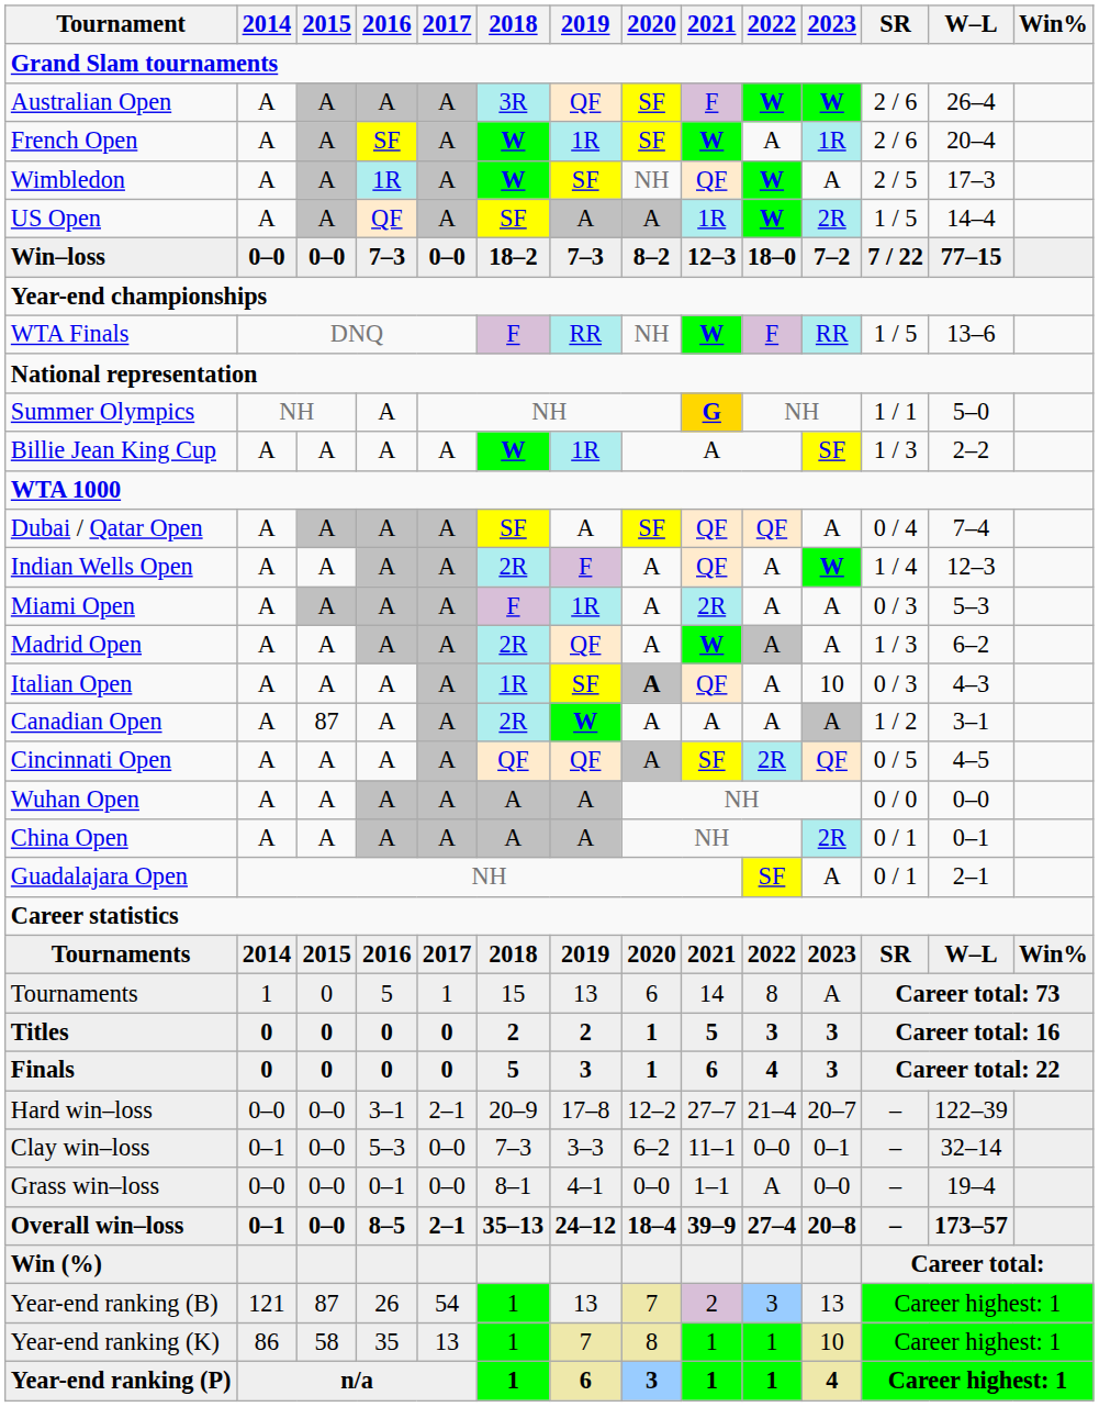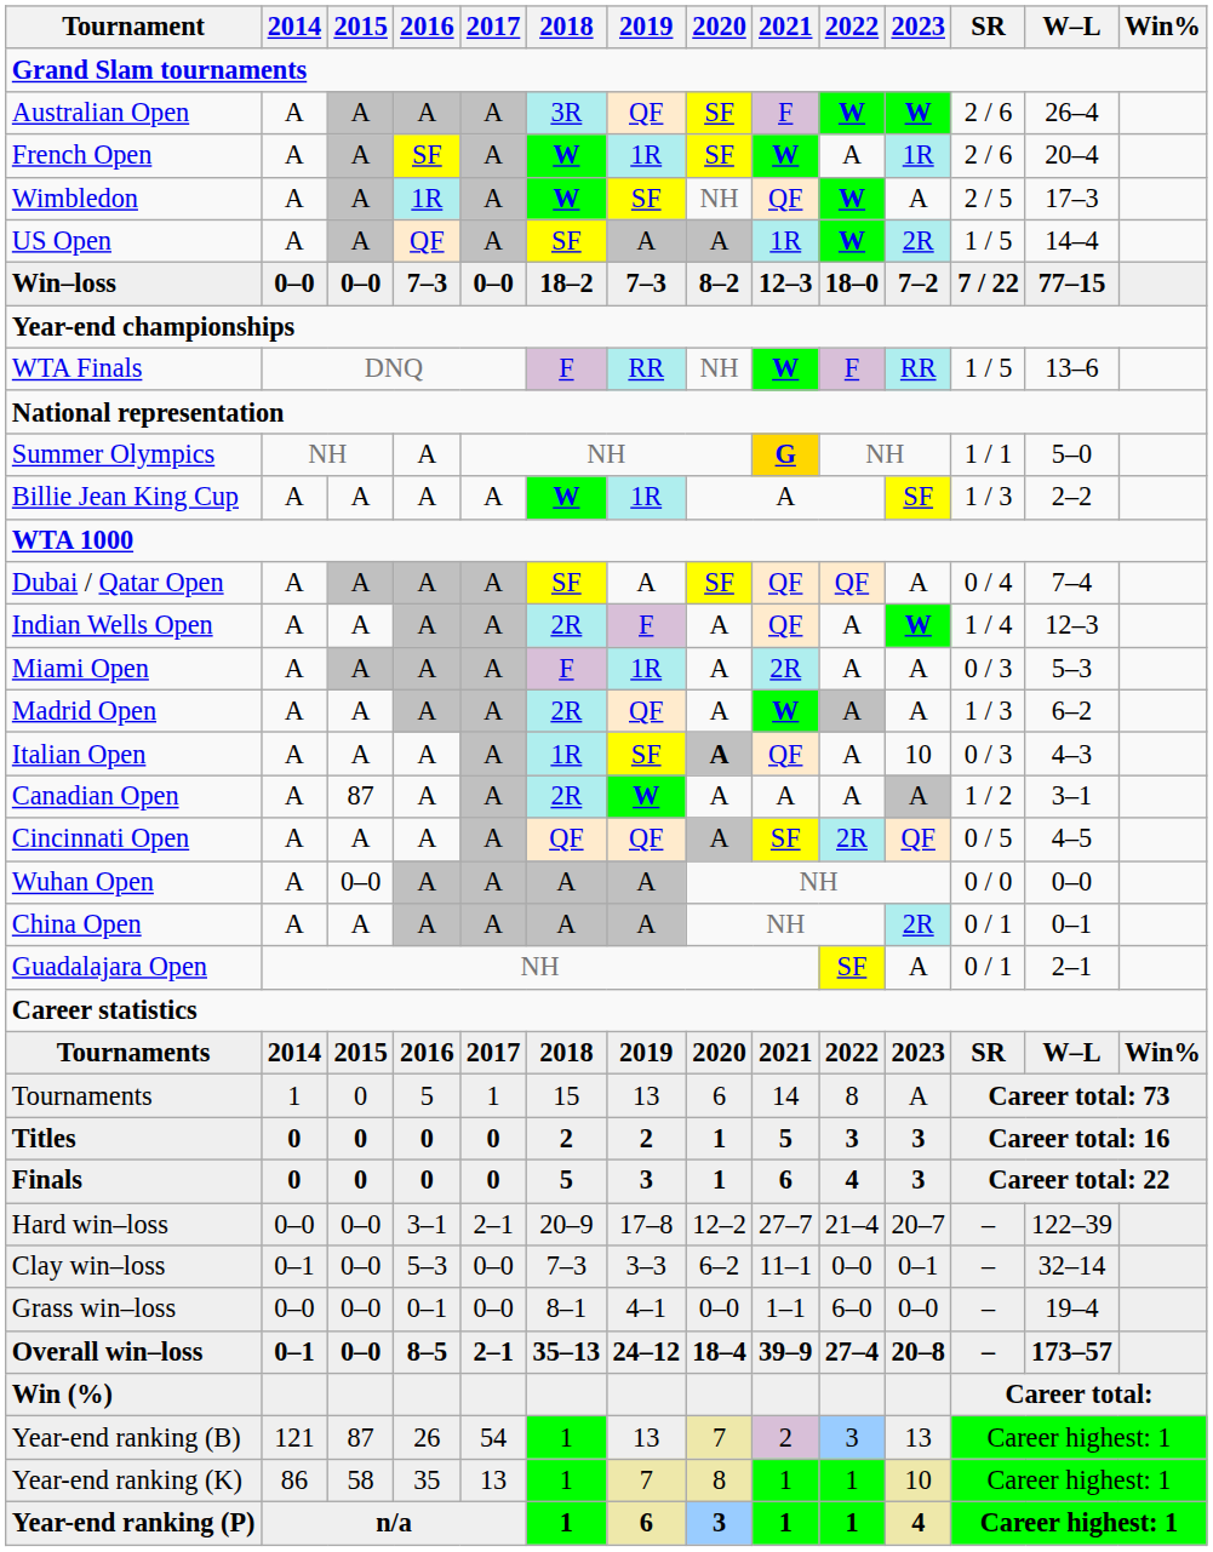 <table class="wikitable nowrap" style="text-align:center;display:inline-table">
 <tr>
 <th>Tournament</th>
 <th><a href='#'>2014</a></th>
 <th><a href='#'>2015</a></th>
 <th><a href='#'>2016</a></th>
 <th><a href='#'>2017</a></th>
 <th><a href='#'>2018</a></th>
 <th><a href='#'>2019</a></th>
 <th><a href='#'>2020</a></th>
 <th><a href='#'>2021</a></th>
 <th><a href='#'>2022</a></th>
 <th><a href='#'>2023</a></th>
 <th>SR</th>
 <th>W–L</th>
 <th>Win%</th>
 </tr>
 <tr>
 <td colspan="14" style="text-align:left"><strong><a href='#'>Grand Slam tournaments</a></strong></td>
 </tr>
 <tr>
 <td style="text-align:left"><a href='#'>Australian Open</a></td>
 <td>A</td>
 <td bgcolor=silver>A</td>
 <td bgcolor=silver>A</td>
 <td bgcolor=silver>A</td>
 <td bgcolor="afeeee"><a href='#'>3R</a></td>
 <td bgcolor="ffebcd"><a href='#'>QF</a></td>
 <td bgcolor="yellow"><a href='#'>SF</a></td>
 <td bgcolor="thistle"><a href='#'>F</a></td>
 <td bgcolor="lime"><a href='#'><strong>W</strong></a></td>
 <td bgcolor="lime"><a href='#'><strong>W</strong></a></td>
 <td>2 / 6</td>
 <td>26–4</td>
 <td></td>
 </tr>
 <tr>
 <td style="text-align:left"><a href='#'>French Open</a></td>
 <td>A</td>
 <td bgcolor=silver>A</td>
 <td bgcolor="yellow"><a href='#'>SF</a></td>
 <td bgcolor=silver>A</td>
 <td bgcolor="lime"><a href='#'><strong>W</strong></a></td>
 <td bgcolor="afeeee"><a href='#'>1R</a></td>
 <td bgcolor="yellow"><a href='#'>SF</a></td>
 <td bgcolor="lime"><strong><a href='#'>W</a></strong></td>
 <td>A</td>
 <td bgcolor="afeeee"><a href='#'>1R</a></td>
 <td>2 / 6</td>
 <td>20–4</td>
 <td></td>
 </tr>
 <tr>
 <td style="text-align:left"><a href='#'>Wimbledon</a></td>
 <td>A</td>
 <td bgcolor=silver>A</td>
 <td bgcolor="afeeee"><a href='#'>1R</a></td>
 <td bgcolor=silver>A</td>
 <td bgcolor="lime"><a href='#'><strong>W</strong></a></td>
 <td bgcolor="yellow"><a href='#'>SF</a></td>
 <td style="color:#767676">NH</td>
 <td bgcolor="ffebcd"><a href='#'>QF</a></td>
 <td bgcolor="lime"><a href='#'><strong>W</strong></a></td>
 <td>A</td>
 <td>2 / 5</td>
 <td>17–3</td>
 <td></td>
 </tr>
 <tr>
 <td style="text-align:left"><a href='#'>US Open</a></td>
 <td>A</td>
 <td bgcolor=silver>A</td>
 <td bgcolor="ffebcd"><a href='#'>QF</a></td>
 <td bgcolor=silver>A</td>
 <td bgcolor="yellow"><a href='#'>SF</a></td>
 <td bgcolor=silver>A</td>
 <td bgcolor=silver>A</td>
 <td bgcolor="afeeee"><a href='#'>1R</a></td>
 <td bgcolor="lime"><a href='#'><strong>W</strong></a></td>
 <td bgcolor="afeeee"><a href='#'>2R</a></td>
 <td>1 / 5</td>
 <td>14–4</td>
 <td></td>
 </tr>
 <tr style="background:#efefef;font-weight:bold">
 <td style="text-align:left">Win–loss</td>
 <td>0–0</td>
 <td>0–0</td>
 <td>7–3</td>
 <td>0–0</td>
 <td>18–2</td>
 <td>7–3</td>
 <td>8–2</td>
 <td>12–3</td>
 <td>18–0</td>
 <td>7–2</td>
 <td>7 / 22</td>
 <td>77–15</td>
 <td></td>
 </tr>
 <tr>
 <td colspan="14" style="text-align:left"><strong>Year-end championships</strong></td>
 </tr>
 <tr>
 <td style="text-align:left"><a href='#'>WTA Finals</a></td>
 <td colspan="4" style="color:#767676">DNQ</td>
 <td bgcolor="thistle"><a href='#'>F</a></td>
 <td bgcolor="afeeee"><a href='#'>RR</a></td>
 <td style="color:#767676">NH</td>
 <td bgcolor="lime"><strong><a href='#'>W</a></strong></td>
 <td bgcolor="thistle"><a href='#'>F</a></td>
 <td bgcolor="afeeee"><a href='#'>RR</a></td>
 <td>1 / 5</td>
 <td>13–6</td>
 <td></td>
 </tr>
 <tr>
 <td colspan="14" style="text-align:left"><strong>National representation</strong></td>
 </tr>
 <tr>
 <td style="text-align:left"><a href='#'>Summer Olympics</a></td>
 <td colspan="2" style="color:#767676">NH</td>
 <td>A</td>
 <td colspan="4" style="color:#767676">NH</td>
 <td bgcolor="gold"><strong><a href='#'>G</a></strong></td>
 <td colspan="2" style="color:#767676">NH</td>
 <td>1 / 1</td>
 <td>5–0</td>
 <td></td>
 </tr>
 <tr>
 <td style="text-align:left"><a href='#'>Billie Jean King Cup</a></td>
 <td>A</td>
 <td>A</td>
 <td>A</td>
 <td>A</td>
 <td bgcolor="lime"><strong><a href='#'>W</a></strong></td>
 <td bgcolor="afeeee"><a href='#'>1R</a></td>
 <td colspan="3">A</td>
 <td bgcolor="yellow"><a href='#'>SF</a></td>
 <td>1 / 3</td>
 <td>2–2</td>
 <td></td>
 </tr>
 <tr>
 <td colspan="14" style="text-align:left"><strong><a href='#'>WTA 1000</a></strong></td>
 </tr>
 <tr>
 <td style="text-align:left"><a href='#'>Dubai</a> / <a href='#'>Qatar Open</a></td>
 <td>A</td>
 <td bgcolor=silver>A</td>
 <td bgcolor=silver>A</td>
 <td bgcolor=silver>A</td>
 <td bgcolor="yellow"><a href='#'>SF</a></td>
 <td>A</td>
 <td bgcolor="yellow"><a href='#'>SF</a></td>
 <td bgcolor="ffebcd"><a href='#'>QF</a></td>
 <td bgcolor="ffebcd"><a href='#'>QF</a></td>
 <td>A</td>
 <td>0 / 4</td>
 <td>7–4</td>
 <td></td>
 </tr>
 <tr>
 <td style="text-align:left"><a href='#'>Indian Wells Open</a></td>
 <td>A</td>
 <td>A</td>
 <td bgcolor=silver>A</td>
 <td bgcolor=silver>A</td>
 <td bgcolor="afeeee"><a href='#'>2R</a></td>
 <td bgcolor="thistle"><a href='#'>F</a></td>
 <td>A</td>
 <td bgcolor="ffebcd"><a href='#'>QF</a></td>
 <td>A</td>
 <td bgcolor="lime"><a href='#'><strong>W</strong></a></td>
 <td>1 / 4</td>
 <td>12–3</td>
 <td></td>
 </tr>
 <tr>
 <td style="text-align:left"><a href='#'>Miami Open</a></td>
 <td>A</td>
 <td bgcolor=silver>A</td>
 <td bgcolor=silver>A</td>
 <td bgcolor=silver>A</td>
 <td bgcolor="thistle"><a href='#'>F</a></td>
 <td bgcolor="afeeee"><a href='#'>1R</a></td>
 <td>A</td>
 <td bgcolor="afeeee"><a href='#'>2R</a></td>
 <td>A</td>
 <td>A</td>
 <td>0 / 3</td>
 <td>5–3</td>
 <td></td>
 </tr>
 <tr>
 <td style="text-align:left"><a href='#'>Madrid Open</a></td>
 <td>A</td>
 <td>A</td>
 <td bgcolor=silver>A</td>
 <td bgcolor=silver>A</td>
 <td bgcolor="afeeee"><a href='#'>2R</a></td>
 <td bgcolor="ffebcd"><a href='#'>QF</a></td>
 <td>A</td>
 <td bgcolor="lime"><a href='#'><strong>W</strong></a></td>
 <td bgcolor=silver>A</td>
 <td>A</td>
 <td>1 / 3</td>
 <td>6–2</td>
 <td></td>
 </tr>
 <tr>
 <td style="text-align:left"><a href='#'>Italian Open</a></td>
 <td>A</td>
 <td>A</td>
 <td>A</td>
 <td bgcolor=silver>A</td>
 <td bgcolor="afeeee"><a href='#'>1R</a></td>
 <td bgcolor="yellow"><a href='#'>SF</a></td>
 <td bgcolor=silver><strong>A</strong></td>
 <td bgcolor="ffebcd"><a href='#'>QF</a></td>
 <td>A</td>
 <td>10</td>
 <td>0 / 3</td>
 <td>4–3</td>
 <td></td>
 </tr>
 <tr>
 <td style="text-align:left"><a href='#'>Canadian Open</a></td>
 <td>A</td>
 <td>87</td>
 <td>A</td>
 <td bgcolor=silver>A</td>
 <td bgcolor="afeeee"><a href='#'>2R</a></td>
 <td bgcolor="lime"><strong><a href='#'>W</a></strong></td>
 <td>A</td>
 <td>A</td>
 <td>A</td>
 <td bgcolor=silver>A</td>
 <td>1 / 2</td>
 <td>3–1</td>
 <td></td>
 </tr>
 <tr>
 <td style="text-align:left"><a href='#'>Cincinnati Open</a></td>
 <td>A</td>
 <td>A</td>
 <td>A</td>
 <td bgcolor=silver>A</td>
 <td bgcolor="ffebcd"><a href='#'>QF</a></td>
 <td bgcolor="ffebcd"><a href='#'>QF</a></td>
 <td bgcolor=silver>A</td>
 <td style="background:yellow"><a href='#'>SF</a></td>
 <td style="background:#afeeee"><a href='#'>2R</a></td>
 <td bgcolor="ffebcd"><a href='#'>QF</a></td>
 <td>0 / 5</td>
 <td>4–5</td>
 <td></td>
 </tr>
 <tr>
 <td style="text-align:left"><a href='#'>Wuhan Open</a></td>
 <td>A</td>
-<td>A</td>
+<td>0–0</td>
 <td bgcolor=silver>A</td>
 <td bgcolor=silver>A</td>
 <td bgcolor=silver>A</td>
 <td bgcolor=silver>A</td>
 <td colspan="4" style="color:#767676">NH</td>
 <td>0 / 0</td>
 <td>0–0</td>
 <td></td>
 </tr>
 <tr>
 <td style="text-align:left"><a href='#'>China Open</a></td>
 <td>A</td>
 <td>A</td>
 <td bgcolor=silver>A</td>
 <td bgcolor=silver>A</td>
 <td bgcolor=silver>A</td>
 <td bgcolor=silver>A</td>
 <td colspan="3" style="color:#767676">NH</td>
 <td style="background:#afeeee"><a href='#'>2R</a></td>
 <td>0 / 1</td>
 <td>0–1</td>
 <td></td>
 </tr>
 <tr>
 <td style="text-align:left"><a href='#'>Guadalajara Open</a></td>
 <td colspan="8" style="color:#767676">NH</td>
 <td bgcolor="yellow"><a href='#'>SF</a></td>
 <td>A</td>
 <td>0 / 1</td>
 <td>2–1</td>
 <td></td>
 </tr>
 <tr>
 <td colspan="14" style="text-align:left"><strong>Career statistics</strong></td>
 </tr>
 <tr style="background:#efefef;font-weight:bold">
 <td>Tournaments</td>
 <td>2014</td>
 <td>2015</td>
 <td>2016</td>
 <td>2017</td>
 <td>2018</td>
 <td>2019</td>
 <td>2020</td>
 <td>2021</td>
 <td>2022</td>
 <td>2023</td>
 <td>SR</td>
 <td>W–L</td>
 <td>Win%</td>
 </tr>
 <tr bgcolor="efefef">
 <td style="text-align:left">Tournaments</td>
 <td>1</td>
 <td>0</td>
 <td>5</td>
 <td>1</td>
 <td>15</td>
 <td>13</td>
 <td>6</td>
 <td>14</td>
 <td>8</td>
 <td>A</td>
 <td colspan="3"><strong>Career total: 73</strong></td>
 </tr>
 <tr style="background:#efefef;font-weight:bold">
 <td style="text-align:left">Titles</td>
 <td>0</td>
 <td>0</td>
 <td>0</td>
 <td>0</td>
 <td>2</td>
 <td>2</td>
 <td>1</td>
 <td>5</td>
 <td>3</td>
 <td>3</td>
 <td colspan="3">Career total: 16</td>
 </tr>
 <tr style="background:#efefef;font-weight:bold">
 <td style="text-align:left">Finals</td>
 <td>0</td>
 <td>0</td>
 <td>0</td>
 <td>0</td>
 <td>5</td>
 <td>3</td>
 <td>1</td>
 <td>6</td>
 <td>4</td>
 <td>3</td>
 <td colspan="3">Career total: 22</td>
 </tr>
 <tr bgcolor="efefef">
 <td style="text-align:left">Hard win–loss</td>
 <td>0–0</td>
 <td>0–0</td>
 <td>3–1</td>
 <td>2–1</td>
 <td>20–9</td>
 <td>17–8</td>
 <td>12–2</td>
 <td>27–7</td>
 <td>21–4</td>
 <td>20–7</td>
 <td>–</td>
 <td>122–39</td>
 <td></td>
 </tr>
 <tr bgcolor="efefef">
 <td style="text-align:left">Clay win–loss</td>
 <td>0–1</td>
 <td>0–0</td>
 <td>5–3</td>
 <td>0–0</td>
 <td>7–3</td>
 <td>3–3</td>
 <td>6–2</td>
 <td>11–1</td>
 <td>0–0</td>
 <td>0–1</td>
 <td>–</td>
 <td>32–14</td>
 <td></td>
 </tr>
 <tr bgcolor="efefef">
 <td style="text-align:left">Grass win–loss</td>
 <td>0–0</td>
 <td>0–0</td>
 <td>0–1</td>
 <td>0–0</td>
 <td>8–1</td>
 <td>4–1</td>
 <td>0–0</td>
 <td>1–1</td>
-<td>A</td>
+<td>6–0</td>
 <td>0–0</td>
 <td>–</td>
 <td>19–4</td>
 <td></td>
 </tr>
 <tr style="background:#efefef;font-weight:bold">
 <td style="text-align:left">Overall win–loss</td>
 <td>0–1</td>
 <td>0–0</td>
 <td>8–5</td>
 <td>2–1</td>
 <td>35–13</td>
 <td>24–12</td>
 <td>18–4</td>
 <td>39–9</td>
 <td>27–4</td>
 <td>20–8</td>
 <td>–</td>
 <td>173–57</td>
 <td></td>
 </tr>
 <tr style="background:#efefef;font-weight:bold">
 <td style="text-align:left">Win (%)</td>
 <td></td>
 <td></td>
 <td></td>
 <td></td>
 <td></td>
 <td></td>
 <td></td>
 <td></td>
 <td></td>
 <td></td>
 <td colspan="3">Career total: </td>
 </tr>
 <tr bgcolor=efefef>
 <td align=left>Year-end ranking (B)</td>
 <td>121</td>
 <td>87</td>
 <td>26</td>
 <td>54</td>
 <td bgcolor=lime>1</td>
 <td>13</td>
 <td bgcolor=eee8aa>7</td>
 <td bgcolor=thistle>2</td>
 <td bgcolor=#9cf>3</td>
 <td>13</td>
 <td colspan="3" bgcolor=lime>Career highest: 1</td>
 </tr>
 <tr bgcolor=efefef>
 <td align=left>Year-end ranking (K)</td>
 <td>86</td>
 <td>58</td>
 <td>35</td>
 <td>13</td>
 <td bgcolor=lime>1</td>
 <td bgcolor=eee8aa>7</td>
 <td bgcolor=eee8aa>8</td>
 <td bgcolor=lime>1</td>
 <td bgcolor=lime>1</td>
 <td bgcolor=eee8aa>10</td>
 <td colspan="3" bgcolor=lime>Career highest: 1</td>
 </tr>
 <tr style="background:#efefef;font-weight:bold">
 <td align=left>Year-end ranking (P)</td>
 <td colspan="4">n/a</td>
 <td bgcolor=lime>1</td>
 <td bgcolor=eee8aa>6</td>
 <td bgcolor=#9cf>3</td>
 <td bgcolor=lime>1</td>
 <td bgcolor=lime>1</td>
 <td bgcolor=eee8aa>4</td>
 <td colspan="3" bgcolor=lime>Career highest: 1</td>
 </tr>
 </table>
